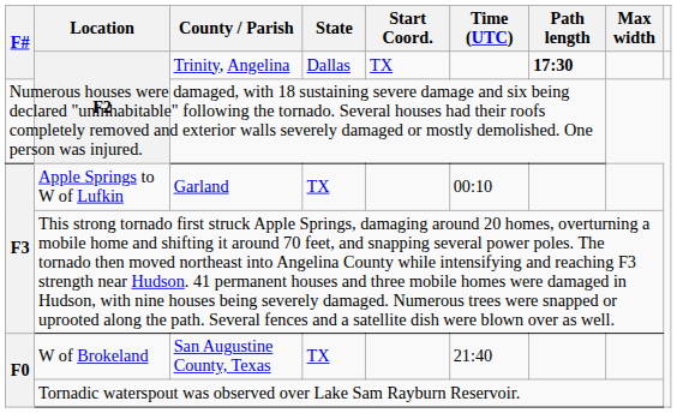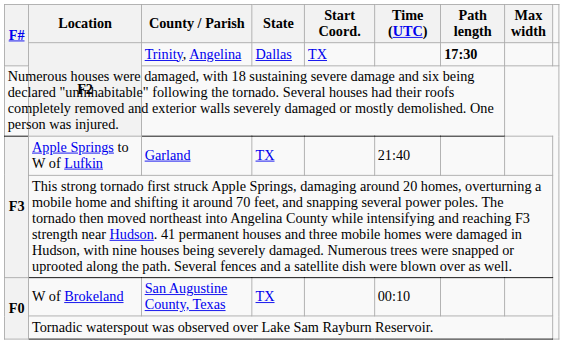 <table class="wikitable sortable" style="width:100%;">
 <tr>
 <th scope="col" align="center" rowspan="2"><a href='#'>F#</a></th>
 <th scope="col" align="center" class="unsortable">Location</th>
 <th scope="col" align="center" class="unsortable">County / Parish</th>
 <th scope="col" align="center">State</th>
 <th scope="col" align="center">Start Coord.</th>
 <th scope="col" align="center">Time (<a href='#'>UTC</a>)</th>
 <th scope="col" align="center">Path length</th>
 <th scope="col" align="center">Max width</th>
 </tr>
 <tr>
 <th scope="row" rowspan="2" style="background-color:#">F2</th>
 <td><a href='#'>Trinity</a>, <a href='#'>Angelina</a></td>
 <td><a href='#'>Dallas</a></td>
 <td><a href='#'>TX</a></td>
 <td></td>
 <td><strong>17:30</strong></td>
 <td></td>
 <td></td>
 </tr>
 <tr class="expand-child">
 <td colspan="7" style="border-bottom: 1px solid black;">Numerous houses were damaged, with 18 sustaining severe damage and six being declared "uninhabitable" following the tornado. Several houses had their roofs completely removed and exterior walls severely damaged or mostly demolished. One person was injured.</td>
 </tr>
 <tr>
 <th scope="row" rowspan="2" style="background-color:#">F3</th>
 <td><a href='#'>Apple Springs</a> to W of <a href='#'>Lufkin</a></td>
 <td><a href='#'>Garland</a></td>
 <td><a href='#'>TX</a></td>
 <td></td>
-<td>00:10</td>
+<td>21:40</td>
 <td></td>
 <td></td>
 </tr>
 <tr class="expand-child">
 <td colspan="7" style="border-bottom: 1px solid black;">This strong tornado first struck Apple Springs, damaging around 20 homes, overturning a mobile home and shifting it around 70 feet, and snapping several power poles. The tornado then moved northeast into Angelina County while intensifying and reaching F3 strength near <a href='#'>Hudson</a>. 41 permanent houses and three mobile homes were damaged in Hudson, with nine houses being severely damaged. Numerous trees were snapped or uprooted along the path. Several fences and a satellite dish were blown over as well.</td>
 </tr>
 <tr>
 <th scope="row" rowspan="2" style="background-color:#">F0</th>
 <td>W of <a href='#'>Brokeland</a></td>
 <td><a href='#'>San Augustine County, Texas</a></td>
 <td><a href='#'>TX</a></td>
 <td></td>
-<td>21:40</td>
+<td>00:10</td>
 <td></td>
 <td></td>
 </tr>
 <tr class="expand-child">
 <td colspan="7" style="border-bottom: 1px solid black;">Tornadic waterspout was observed over Lake Sam Rayburn Reservoir.</td>
 </tr>
 </table>
